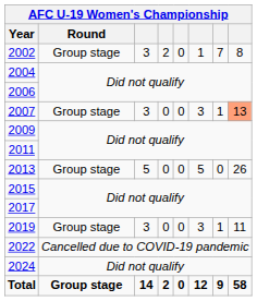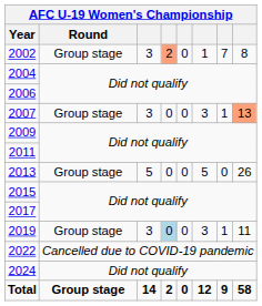 <table class="wikitable" style="text-align: center;">
 <tr>
 <th colspan=9><a href='#'>AFC U-19 Women's Championship</a></th>
 </tr>
 <tr>
 <th>Year</th>
 <th>Round</th>
 <th></th>
 <th></th>
 <th></th>
 <th></th>
 <th></th>
 <th></th>
 </tr>
 <tr>
 <td> <a href='#'>2002</a></td>
 <td>Group stage</td>
 <td>3</td>
-<td>2</td>
+<td style="background: lightsalmon;">2</td>
 <td>0</td>
 <td>1</td>
 <td>7</td>
 <td>8</td>
 </tr>
 <tr>
 <td> <a href='#'>2004</a></td>
 <td rowspan=2 colspan=8><em>Did not qualify</em></td>
 </tr>
 <tr>
 <td> <a href='#'>2006</a></td>
 </tr>
 <tr>
 <td> <a href='#'>2007</a></td>
 <td>Group stage</td>
 <td>3</td>
 <td>0</td>
 <td>0</td>
 <td>3</td>
 <td>1</td>
 <td style="background: lightsalmon;">13</td>
 </tr>
 <tr>
 <td> <a href='#'>2009</a></td>
 <td rowspan=2 colspan=8><em>Did not qualify</em></td>
 </tr>
 <tr>
 <td> <a href='#'>2011</a></td>
 </tr>
 <tr>
 <td> <a href='#'>2013</a></td>
 <td>Group stage</td>
 <td>5</td>
 <td>0</td>
 <td>0</td>
 <td>5</td>
 <td>0</td>
 <td>26</td>
 </tr>
 <tr>
 <td> <a href='#'>2015</a></td>
 <td rowspan=2 colspan=8><em>Did not qualify</em></td>
 </tr>
 <tr>
 <td> <a href='#'>2017</a></td>
 </tr>
 <tr>
 <td> <a href='#'>2019</a></td>
 <td>Group stage</td>
 <td>3</td>
-<td>0</td>
+<td style="background: lightblue;">0</td>
 <td>0</td>
 <td>3</td>
 <td>1</td>
 <td>11</td>
 </tr>
 <tr>
 <td> <a href='#'>2022</a></td>
 <td colspan=8><em>Cancelled due to COVID-19 pandemic</em></td>
 </tr>
 <tr>
 <td> <a href='#'>2024</a></td>
 <td colspan=8><em>Did not qualify</em></td>
 </tr>
 <tr>
 <td><strong>Total</strong></td>
 <td><strong>Group stage</strong></td>
 <td><strong>14</strong></td>
 <td><strong>2</strong></td>
 <td><strong>0</strong></td>
 <td><strong>12</strong></td>
 <td><strong>9</strong></td>
 <td><strong>58</strong></td>
 </tr>
 </table>
